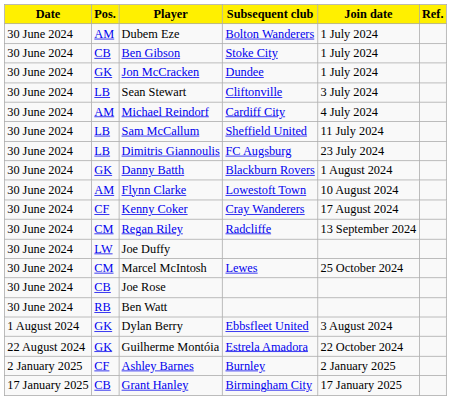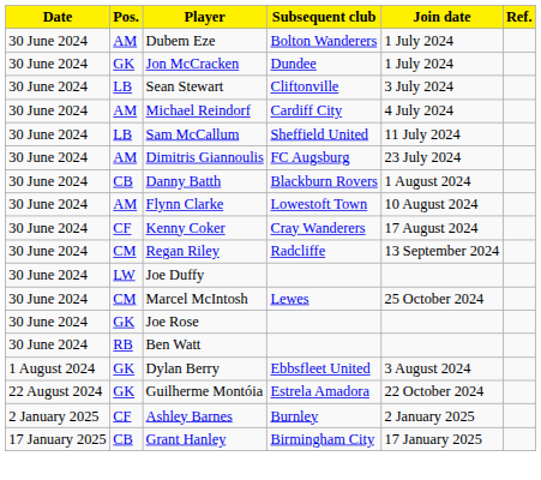 <table class="wikitable plainrowheaders sortable">
 <tr>
 <th style="background:#fff000;color:#000000;">Date</th>
 <th style="background:#fff000;color:#000000;">Pos.</th>
 <th style="background:#fff000;color:#000000;">Player</th>
 <th style="background:#fff000;color:#000000;">Subsequent club</th>
 <th style="background:#fff000;color:#000000;">Join date</th>
 <th style="background:#fff000;color:#000000;">Ref.</th>
 </tr>
 <tr>
 <td>30 June 2024</td>
 <td><a href='#'>AM</a></td>
 <td> Dubem Eze</td>
 <td> <a href='#'>Bolton Wanderers</a></td>
-<td>1 July 2024</td>
-<td></td>
-</tr>
-<tr>
-<td>30 June 2024</td>
-<td><a href='#'>CB</a></td>
-<td> <a href='#'>Ben Gibson</a></td>
-<td> <a href='#'>Stoke City</a></td>
 <td>1 July 2024</td>
 <td></td>
 </tr>
 <tr>
 <td>30 June 2024</td>
 <td><a href='#'>GK</a></td>
 <td> <a href='#'>Jon McCracken</a></td>
 <td> <a href='#'>Dundee</a></td>
 <td>1 July 2024</td>
 <td></td>
 </tr>
 <tr>
 <td>30 June 2024</td>
 <td><a href='#'>LB</a></td>
 <td> Sean Stewart</td>
 <td> <a href='#'>Cliftonville</a></td>
 <td>3 July 2024</td>
 <td></td>
 </tr>
 <tr>
 <td>30 June 2024</td>
 <td><a href='#'>AM</a></td>
 <td> <a href='#'>Michael Reindorf</a></td>
 <td> <a href='#'>Cardiff City</a></td>
 <td>4 July 2024</td>
 <td></td>
 </tr>
 <tr>
 <td>30 June 2024</td>
 <td><a href='#'>LB</a></td>
 <td> <a href='#'>Sam McCallum</a></td>
 <td> <a href='#'>Sheffield United</a></td>
 <td>11 July 2024</td>
 <td></td>
 </tr>
 <tr>
 <td>30 June 2024</td>
-<td><a href='#'>LB</a></td>
+<td><a href='#'>AM</a></td>
 <td> <a href='#'>Dimitris Giannoulis</a></td>
 <td> <a href='#'>FC Augsburg</a></td>
 <td>23 July 2024</td>
 <td></td>
 </tr>
 <tr>
 <td>30 June 2024</td>
-<td><a href='#'>GK</a></td>
+<td><a href='#'>CB</a></td>
 <td> <a href='#'>Danny Batth</a></td>
 <td> <a href='#'>Blackburn Rovers</a></td>
 <td>1 August 2024</td>
 <td></td>
 </tr>
 <tr>
 <td>30 June 2024</td>
 <td><a href='#'>AM</a></td>
 <td> <a href='#'>Flynn Clarke</a></td>
 <td> <a href='#'>Lowestoft Town</a></td>
 <td>10 August 2024</td>
 <td></td>
 </tr>
 <tr>
 <td>30 June 2024</td>
 <td><a href='#'>CF</a></td>
 <td> <a href='#'>Kenny Coker</a></td>
 <td> <a href='#'>Cray Wanderers</a></td>
 <td>17 August 2024</td>
 <td></td>
 </tr>
 <tr>
 <td>30 June 2024</td>
 <td><a href='#'>CM</a></td>
 <td> <a href='#'>Regan Riley</a></td>
 <td> <a href='#'>Radcliffe</a></td>
 <td>13 September 2024</td>
 <td></td>
 </tr>
 <tr>
 <td>30 June 2024</td>
 <td><a href='#'>LW</a></td>
 <td> Joe Duffy</td>
 <td></td>
 <td></td>
 <td></td>
 </tr>
 <tr>
 <td>30 June 2024</td>
 <td><a href='#'>CM</a></td>
 <td> Marcel McIntosh</td>
 <td> <a href='#'>Lewes</a></td>
 <td>25 October 2024</td>
 <td></td>
 </tr>
 <tr>
 <td>30 June 2024</td>
-<td><a href='#'>CB</a></td>
+<td><a href='#'>GK</a></td>
 <td> Joe Rose</td>
 <td></td>
 <td></td>
 <td></td>
 </tr>
 <tr>
 <td>30 June 2024</td>
 <td><a href='#'>RB</a></td>
 <td> Ben Watt</td>
 <td></td>
 <td></td>
 <td></td>
 </tr>
 <tr>
 <td>1 August 2024</td>
 <td><a href='#'>GK</a></td>
 <td> Dylan Berry</td>
 <td> <a href='#'>Ebbsfleet United</a></td>
 <td>3 August 2024</td>
 <td></td>
 </tr>
 <tr>
 <td>22 August 2024</td>
 <td><a href='#'>GK</a></td>
 <td> Guilherme Montóia</td>
 <td> <a href='#'>Estrela Amadora</a></td>
 <td>22 October 2024</td>
 <td></td>
 </tr>
 <tr>
 <td>2 January 2025</td>
 <td><a href='#'>CF</a></td>
 <td> <a href='#'>Ashley Barnes</a></td>
 <td> <a href='#'>Burnley</a></td>
 <td>2 January 2025</td>
 <td></td>
 </tr>
 <tr>
 <td>17 January 2025</td>
 <td><a href='#'>CB</a></td>
 <td> <a href='#'>Grant Hanley</a></td>
 <td> <a href='#'>Birmingham City</a></td>
 <td>17 January 2025</td>
 <td></td>
 </tr>
 </table>
